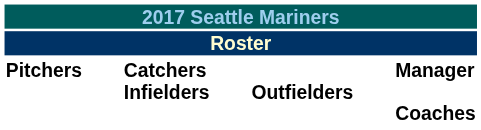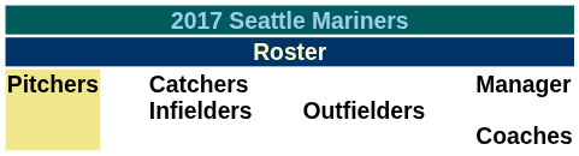 <table class="toccolours" style="font-size: 95%;">
 <tr>
 <th colspan="10" style="background:#005c5c; color:#9eceee; text-align:center;">2017 Seattle Mariners</th>
 </tr>
 <tr>
 <td colspan="10" style="background:#036; color:#fffdd0; text-align:center;"><strong>Roster</strong></td>
 </tr>
 <tr>
-<td valign="top"><strong>Pitchers</strong><br>                                     </td>
+<td valign="top" style="background: khaki;"><strong>Pitchers</strong><br>                                     </td>
 <td style="width:25px;"></td>
 <td valign="top"><strong>Catchers</strong><br>    <strong>Infielders</strong>           </td>
 <td style="width:25px;"></td>
 <td valign="top"><br><strong>Outfielders</strong>        </td>
 <td style="width:25px;"></td>
 <td valign="top"><strong>Manager</strong><br><br><strong>Coaches</strong>                    </td>
 </tr>
 </table>
